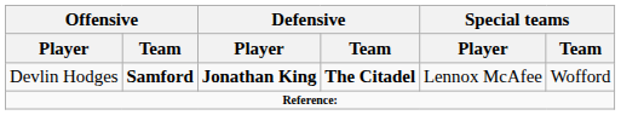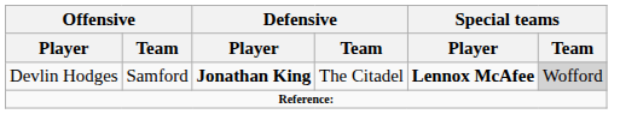 <table class="wikitable" border="1">
 <tr>
 <th colspan="2">Offensive</th>
 <th colspan="2">Defensive</th>
 <th colspan="2">Special teams</th>
 </tr>
 <tr>
 <th>Player</th>
 <th>Team</th>
 <th>Player</th>
 <th>Team</th>
 <th>Player</th>
 <th>Team</th>
 </tr>
 <tr>
 <td>Devlin Hodges</td>
-<td><strong>Samford</strong></td>
+<td>Samford</td>
 <td><strong>Jonathan King</strong></td>
-<td><strong>The Citadel</strong></td>
-<td>Lennox McAfee</td>
-<td>Wofford</td>
+<td>The Citadel</td>
+<td><strong>Lennox McAfee</strong></td>
+<td style="background: lightgrey;">Wofford</td>
 </tr>
 <tr>
 <td colspan="8" style="font-size: 8pt" align="center"><strong>Reference: </strong></td>
 </tr>
 </table>
